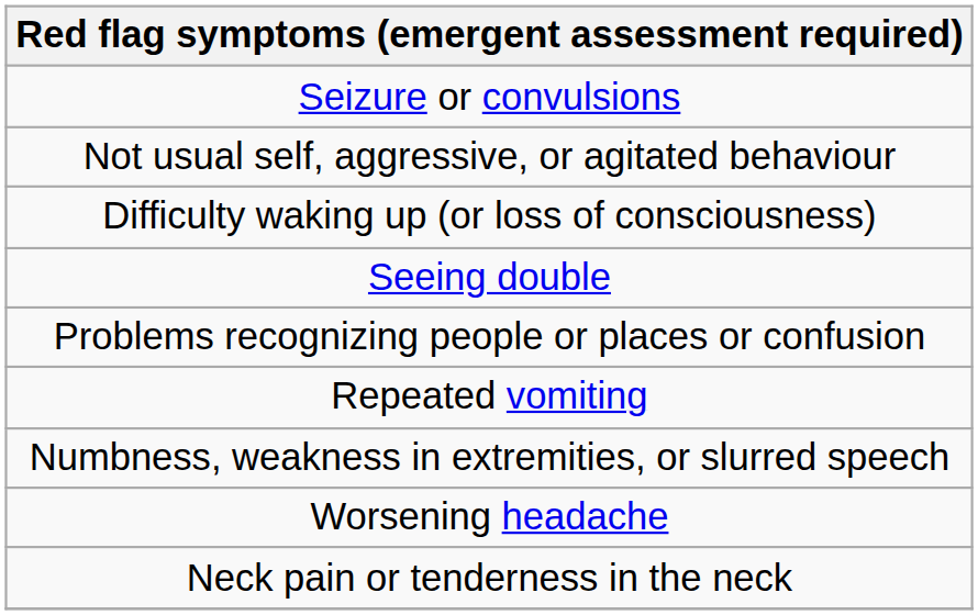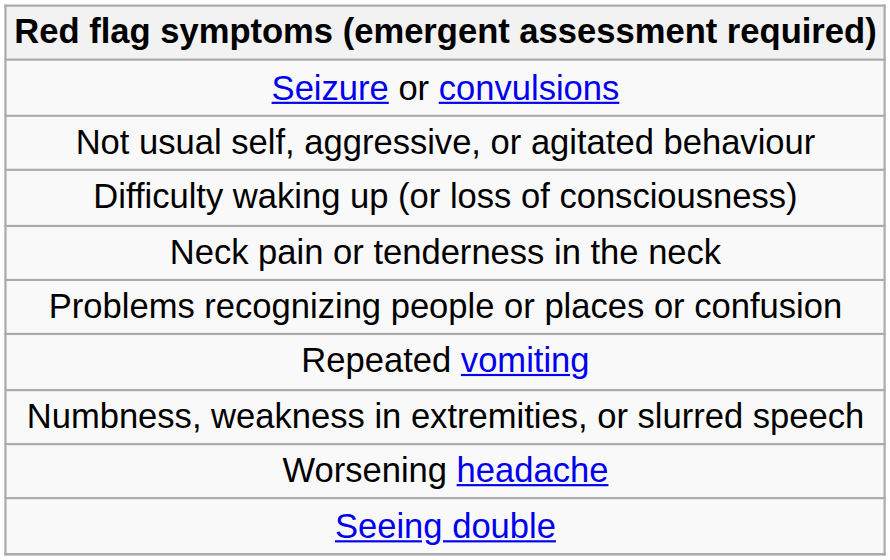 <table class="wikitable" style="float: right; margin-left:15px; text-align:center">
 <tr>
 <th>Red flag symptoms (emergent assessment required)</th>
 </tr>
 <tr>
 <td><a href='#'>Seizure</a> or <a href='#'>convulsions</a></td>
 </tr>
 <tr>
 <td>Not usual self, aggressive, or agitated behaviour</td>
 </tr>
 <tr>
 <td>Difficulty waking up (or loss of consciousness)</td>
 </tr>
 <tr>
-<td><a href='#'>Seeing double</a></td>
+<td>Neck pain or tenderness in the neck</td>
 </tr>
 <tr>
 <td>Problems recognizing people or places or confusion</td>
 </tr>
 <tr>
 <td>Repeated <a href='#'>vomiting</a></td>
 </tr>
 <tr>
 <td>Numbness, weakness in extremities, or slurred speech</td>
 </tr>
 <tr>
 <td>Worsening <a href='#'>headache</a></td>
 </tr>
 <tr>
-<td>Neck pain or tenderness in the neck</td>
+<td><a href='#'>Seeing double</a></td>
 </tr>
 <tr>
 </tr>
 </table>
